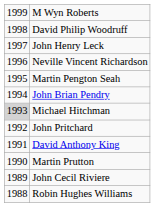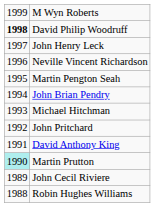 <table class="wikitable">
 <tr>
 <td>1999</td>
 <td>M Wyn Roberts</td>
 </tr>
 <tr>
-<td>1998</td>
+<td><strong>1998</strong></td>
 <td>David Philip Woodruff</td>
 </tr>
 <tr>
 <td>1997</td>
 <td>John Henry Leck</td>
 </tr>
 <tr>
 <td>1996</td>
 <td>Neville Vincent Richardson</td>
 </tr>
 <tr>
 <td>1995</td>
 <td>Martin Pengton Seah</td>
 </tr>
 <tr>
 <td>1994</td>
 <td><a href='#'>John Brian Pendry</a></td>
 </tr>
 <tr>
-<td style="background: lightgrey;">1993</td>
+<td>1993</td>
 <td>Michael Hitchman</td>
 </tr>
 <tr>
 <td>1992</td>
 <td>John Pritchard</td>
 </tr>
 <tr>
 <td>1991</td>
 <td><a href='#'>David Anthony King</a></td>
 </tr>
 <tr>
-<td>1990</td>
+<td style="background: paleturquoise;">1990</td>
 <td>Martin Prutton</td>
 </tr>
 <tr>
 <td>1989</td>
 <td>John Cecil Riviere</td>
 </tr>
 <tr>
 <td>1988</td>
 <td>Robin Hughes Williams</td>
 </tr>
 </table>
